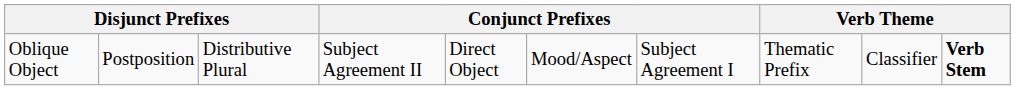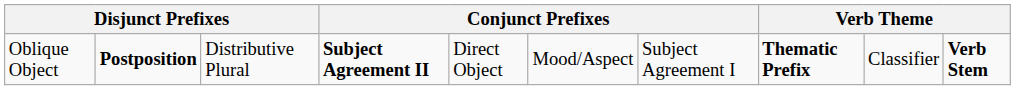 <table class="wikitable" border="1">
 <tr>
 <th colspan="3">Disjunct Prefixes</th>
 <th colspan="4">Conjunct Prefixes</th>
 <th colspan="3">Verb Theme</th>
 </tr>
 <tr>
 <td>Oblique Object</td>
-<td>Postposition</td>
+<td><strong>Postposition</strong></td>
 <td>Distributive Plural</td>
-<td>Subject Agreement II</td>
+<td><strong>Subject Agreement II</strong></td>
 <td>Direct Object</td>
 <td>Mood/Aspect</td>
 <td>Subject Agreement I</td>
-<td>Thematic Prefix</td>
+<td><strong>Thematic Prefix</strong></td>
 <td>Classifier</td>
 <td><strong>Verb Stem</strong></td>
 </tr>
 </table>
